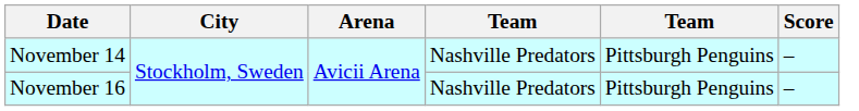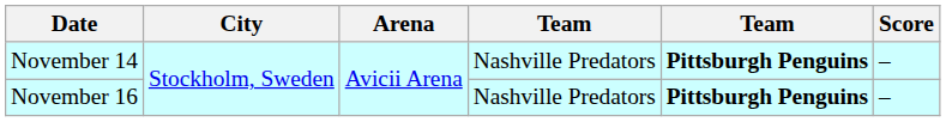 <table class="wikitable">
 <tr>
 <th>Date</th>
 <th>City</th>
 <th>Arena</th>
 <th>Team</th>
 <th>Team</th>
 <th><strong>Score</strong></th>
 </tr>
 <tr bgcolor="#ccffff">
 <td>November 14</td>
 <td rowspan="2"><a href='#'>Stockholm, Sweden</a></td>
 <td rowspan="2"><a href='#'>Avicii Arena</a></td>
 <td>Nashville Predators</td>
-<td>Pittsburgh Penguins</td>
+<td><strong>Pittsburgh Penguins</strong></td>
 <td>–</td>
 </tr>
 <tr bgcolor="#ccffff">
 <td>November 16</td>
 <td>Nashville Predators</td>
-<td>Pittsburgh Penguins</td>
+<td><strong>Pittsburgh Penguins</strong></td>
 <td>–</td>
 </tr>
 </table>
